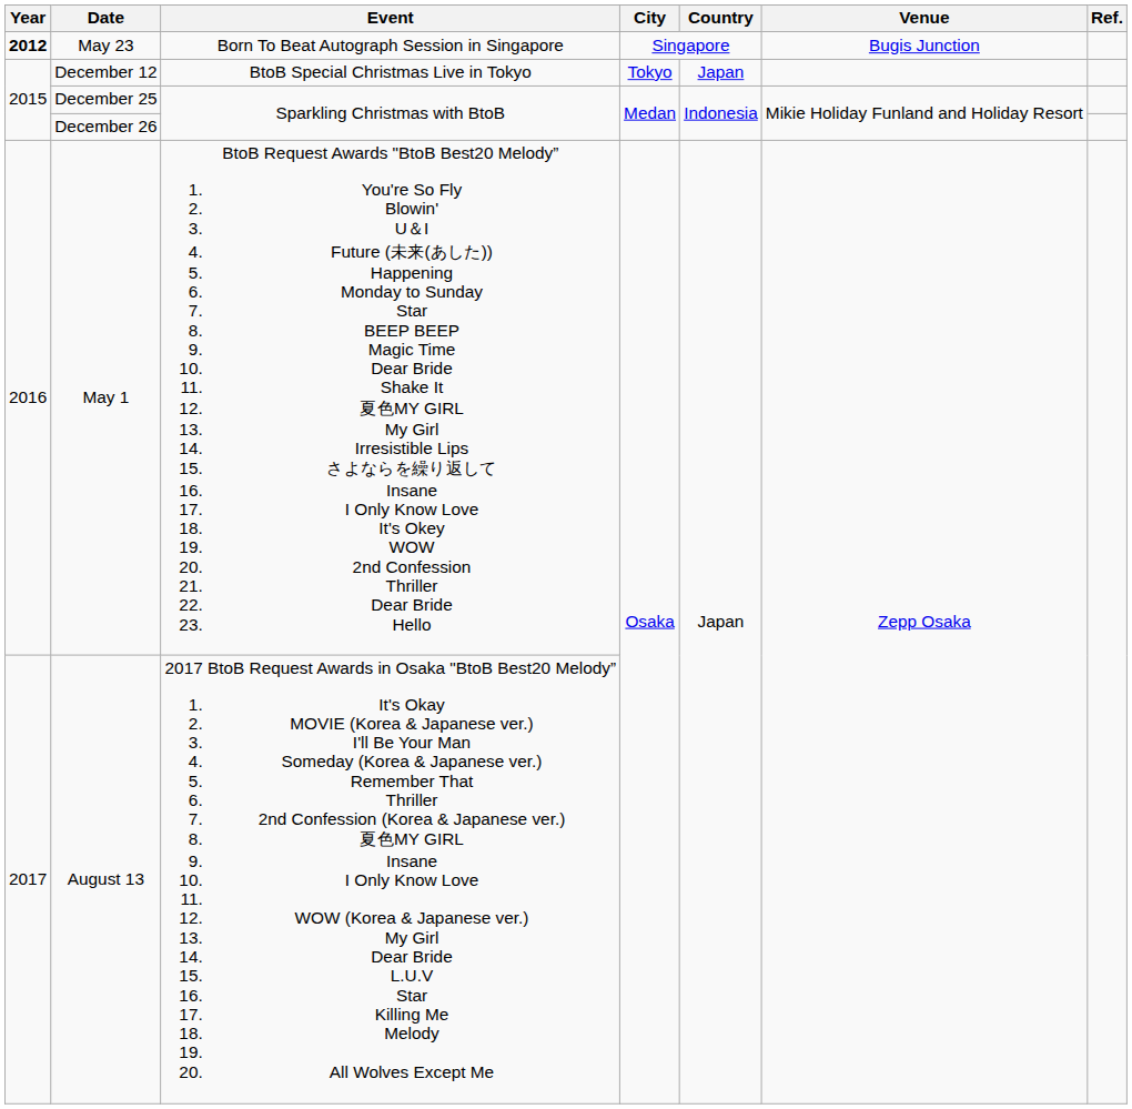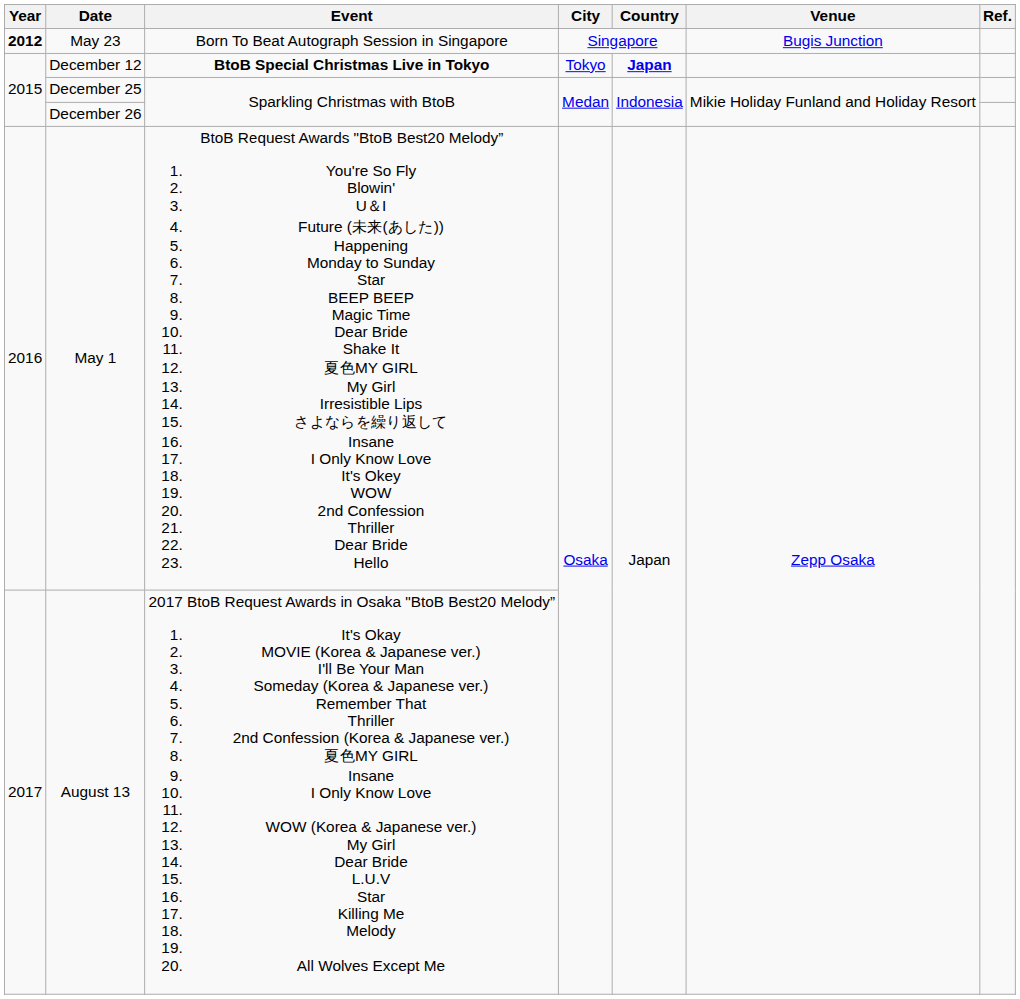 <table class="wikitable" style="text-align:center;">
 <tr>
 <th>Year</th>
 <th>Date</th>
 <th>Event</th>
 <th>City</th>
 <th>Country</th>
 <th>Venue</th>
 <th>Ref.</th>
 </tr>
 <tr>
 <td><strong>2012</strong></td>
 <td>May 23</td>
 <td>Born To Beat Autograph Session in Singapore</td>
 <td colspan="2"><a href='#'>Singapore</a></td>
 <td><a href='#'>Bugis Junction</a></td>
 <td></td>
 </tr>
 <tr>
 <td rowspan="3">2015</td>
 <td>December 12</td>
-<td>BtoB Special Christmas Live in Tokyo</td>
+<td><strong>BtoB Special Christmas Live in Tokyo</strong></td>
 <td><a href='#'>Tokyo</a></td>
-<td><a href='#'>Japan</a></td>
+<td><strong><a href='#'>Japan</a></strong></td>
 <td></td>
 <td></td>
 </tr>
 <tr>
 <td>December 25</td>
 <td rowspan="2">Sparkling Christmas with BtoB</td>
 <td rowspan="2"><a href='#'>Medan</a></td>
 <td rowspan="2"><a href='#'>Indonesia</a></td>
 <td rowspan="2">Mikie Holiday Funland and Holiday Resort</td>
 <td></td>
 </tr>
 <tr>
 <td>December 26</td>
 <td></td>
 </tr>
 <tr>
 <td>2016</td>
 <td>May 1</td>
 <td>BtoB Request Awards "BtoB Best20 Melody”<br><ol><li>You're So Fly</li><li>Blowin'</li><li>U＆I</li><li>Future (未来(あした))</li><li>Happening</li><li>Monday to Sunday</li><li>Star</li><li>BEEP BEEP</li><li>Magic Time</li><li>Dear Bride</li><li>Shake It</li><li>夏色MY GIRL</li><li>My Girl</li><li>Irresistible Lips</li><li>さよならを繰り返して</li><li>Insane</li><li>I Only Know Love</li><li>It's Okey</li><li>WOW</li><li>2nd Confession</li><li>Thriller</li><li>Dear Bride</li><li>Hello</li></ol></td>
 <td rowspan="2"><a href='#'>Osaka</a></td>
 <td rowspan="2">Japan</td>
 <td rowspan="2"><a href='#'>Zepp Osaka</a></td>
 <td rowspan="2"></td>
 </tr>
 <tr>
 <td>2017</td>
 <td>August 13</td>
 <td>2017 BtoB Request Awards in Osaka "BtoB Best20 Melody”<br><ol><li>It's Okay</li><li>MOVIE (Korea & Japanese ver.)</li><li>I'll Be Your Man</li><li>Someday (Korea & Japanese ver.)</li><li>Remember That</li><li>Thriller</li><li>2nd Confession (Korea & Japanese ver.)</li><li>夏色MY GIRL</li><li>Insane</li><li>I Only Know Love</li><li></li><li>WOW (Korea & Japanese ver.)</li><li>My Girl</li><li>Dear Bride</li><li>L.U.V</li><li>Star</li><li>Killing Me</li><li>Melody</li><li></li><li>All Wolves Except Me</li></ol></td>
 </tr>
 </table>
